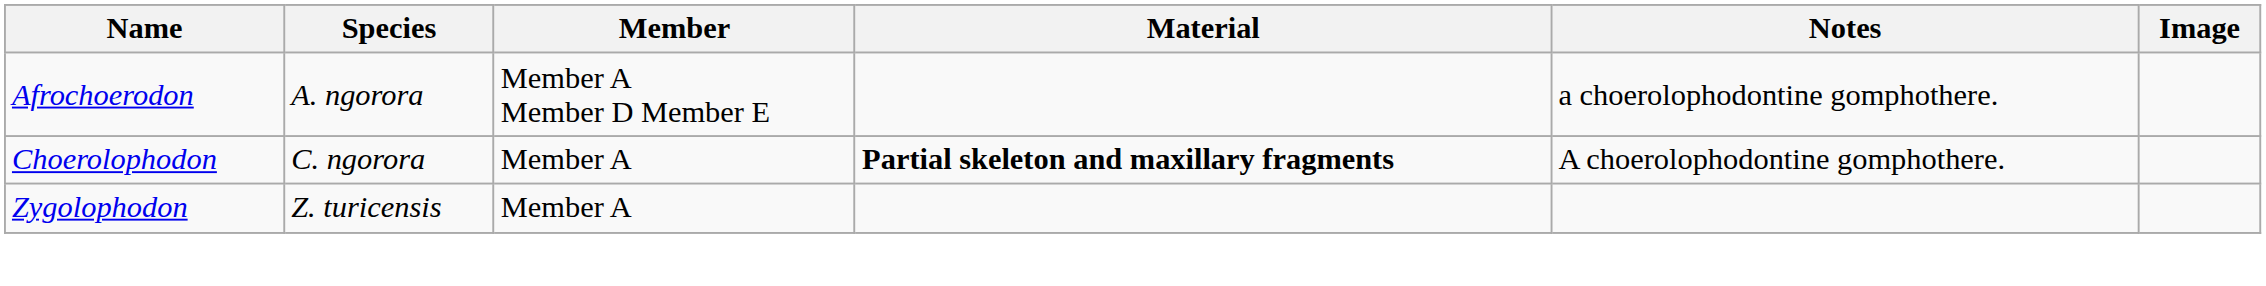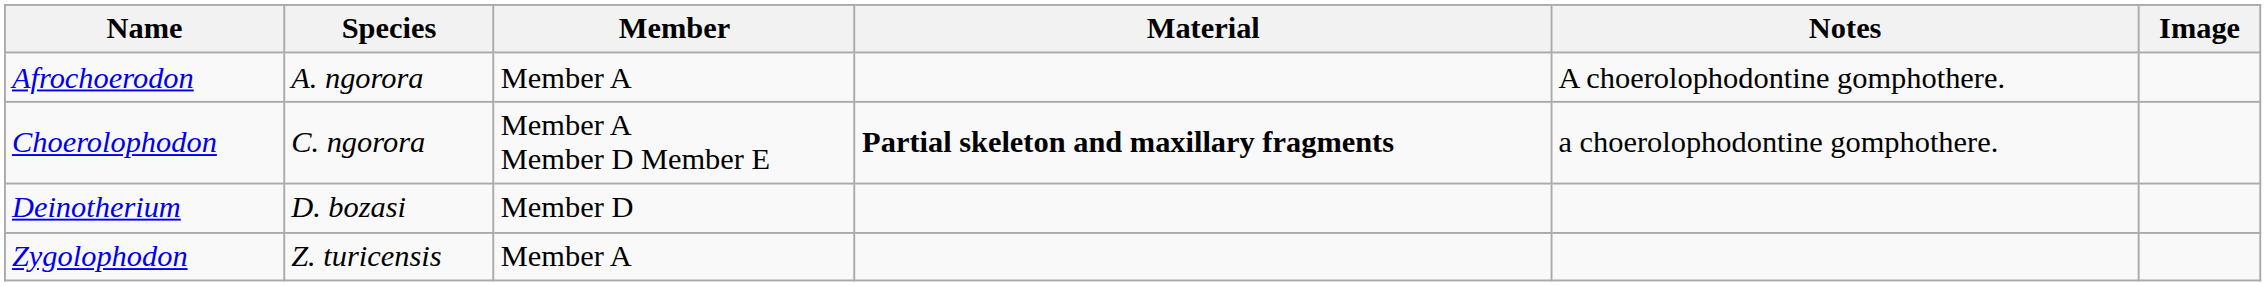 <table class="wikitable" align="center" width="75%">
 <tr>
 <th>Name</th>
 <th>Species</th>
 <th>Member</th>
 <th>Material</th>
 <th>Notes</th>
 <th>Image</th>
 </tr>
 <tr>
 <td><em><a href='#'>Afrochoerodon</a></em></td>
 <td><em>A. ngorora</em></td>
-<td>Member A<br>Member D Member E</td>
+<td>Member A</td>
 <td></td>
-<td>a choerolophodontine gomphothere.</td>
+<td>A choerolophodontine gomphothere.</td>
 <td></td>
 </tr>
 <tr>
 <td><em><a href='#'>Choerolophodon</a></em></td>
 <td><em>C. ngorora</em></td>
-<td>Member A</td>
+<td>Member A<br>Member D Member E</td>
 <td><strong>Partial skeleton and maxillary fragments</strong></td>
-<td>A choerolophodontine gomphothere.</td>
+<td>a choerolophodontine gomphothere.</td>
+<td></td>
+</tr>
+<tr>
+<td><em><a href='#'>Deinotherium</a></em></td>
+<td><em>D. bozasi</em></td>
+<td>Member D</td>
+<td></td>
+<td></td>
 <td></td>
 </tr>
 <tr>
 <td><em><a href='#'>Zygolophodon</a></em></td>
 <td><em>Z. turicensis</em></td>
 <td>Member A</td>
 <td></td>
 <td></td>
 <td></td>
 </tr>
 </table>
